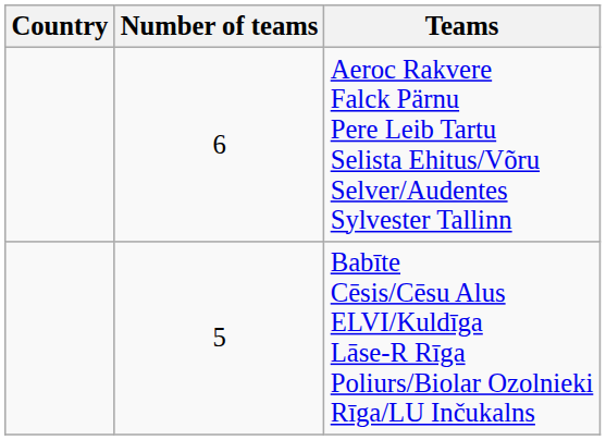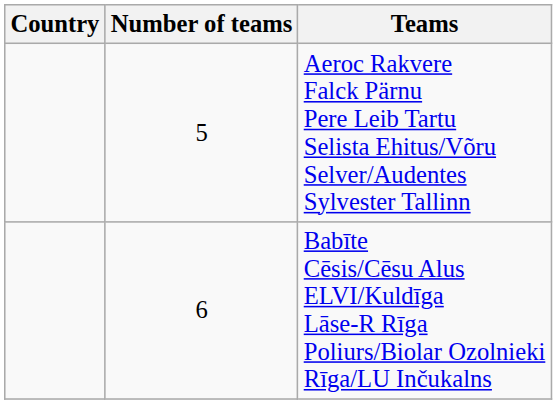 <table class="wikitable" style="text-align:left">
 <tr>
 <th>Country</th>
 <th>Number of teams</th>
 <th>Teams</th>
 </tr>
 <tr>
 <td></td>
-<td align="center">6</td>
+<td align="center">5</td>
 <td><a href='#'>Aeroc Rakvere</a><br><a href='#'>Falck Pärnu</a><br><a href='#'>Pere Leib Tartu</a><br><a href='#'>Selista Ehitus/Võru</a><br><a href='#'>Selver/Audentes</a><br><a href='#'>Sylvester Tallinn</a></td>
 </tr>
 <tr>
 <td></td>
-<td align="center">5</td>
+<td align="center">6</td>
 <td><a href='#'>Babīte</a><br><a href='#'>Cēsis/Cēsu Alus</a><br><a href='#'>ELVI/Kuldīga</a><br><a href='#'>Lāse-R Rīga</a><br><a href='#'>Poliurs/Biolar Ozolnieki</a><br><a href='#'>Rīga/LU Inčukalns</a></td>
 </tr>
 </table>
